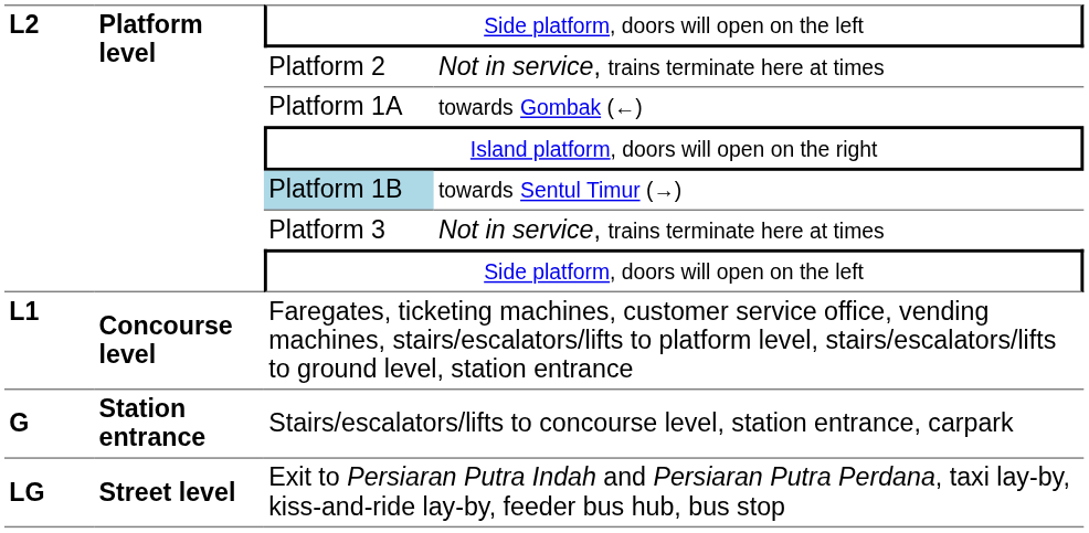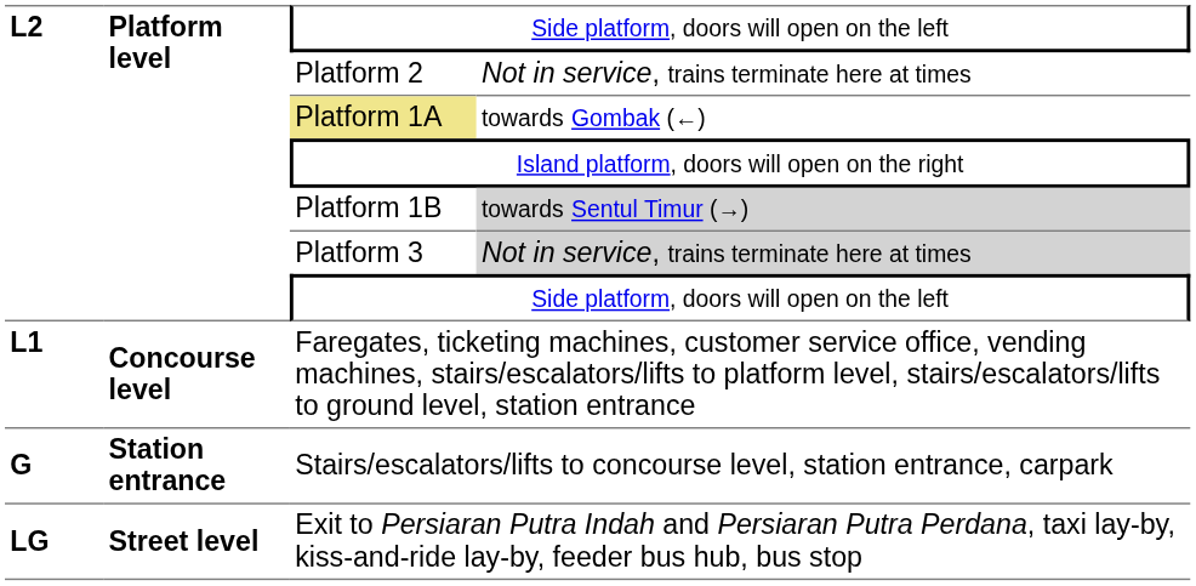 <table border=0 cellspacing=0 cellpadding=3>
 <tr>
 <td rowspan="7" style="border-top:solid 1px gray;border-bottom:solid 1px gray" valign="top"><strong>L2</strong></td>
 <td rowspan="7" style="border-bottom:solid 1px gray;border-top:solid 1px gray;vertical-align:top;width:100px;"><strong>Platform level</strong></td>
 <td colspan="2" style="border-right:solid 2px black;border-left:solid 2px black;border-bottom:solid 2px black;border-top:solid 1px gray;text-align:center"><small><a href='#'>Side platform</a>, doors will open on the left</small></td>
 </tr>
 <tr>
 <td style="border-bottom:solid 0.5px gray;width:100px;">Platform 2</td>
 <td style="border-bottom:solid 0.5px gray;width:400px;"><em>Not in service</em>, <small>trains terminate here at times</small></td>
 </tr>
 <tr>
-<td>Platform 1A</td>
+<td style="background: khaki;">Platform 1A</td>
 <td> <small>towards</small>  <small><a href='#'>Gombak</a> (←)</small></td>
 </tr>
 <tr>
 <td colspan="2" style="border-top:solid 2px black;border-right:solid 2px black;border-left:solid 2px black;border-bottom:solid 2px black;text-align:center;"><small><a href='#'>Island platform</a>, doors will open on the right</small></td>
 </tr>
 <tr>
-<td style="background: lightblue; border-bottom:solid 0.5px gray;">Platform 1B</td>
-<td style="border-bottom:solid 0.5px gray;"> <small>towards</small>  <small><a href='#'>Sentul Timur</a> (→)</small></td>
+<td style="border-bottom:solid 0.5px gray;">Platform 1B</td>
+<td style="background: lightgrey; border-bottom:solid 0.5px gray;"> <small>towards</small>  <small><a href='#'>Sentul Timur</a> (→)</small></td>
 </tr>
 <tr>
 <td>Platform 3</td>
-<td><em>Not in service</em>, <small>trains terminate here at times</small></td>
+<td style="background: lightgrey;"><em>Not in service</em>, <small>trains terminate here at times</small></td>
 </tr>
 <tr>
 <td colspan="2" style="border-right:solid 2px black;border-left:solid 2px black;border-top:solid 2px black;border-bottom:solid 1px gray;text-align:center;"><small><a href='#'>Side platform</a>, doors will open on the left</small></td>
 </tr>
 <tr>
 <td valign="top" style="border-bottom:solid 1px gray;width:50px;"><strong>L1</strong></td>
 <td style="border-bottom:solid 1px gray;width:100px;"><strong>Concourse level</strong></td>
 <td style="border-bottom:solid 1px gray;" colspan="2">Faregates, ticketing machines, customer service office, vending machines, stairs/escalators/lifts to platform level, stairs/escalators/lifts to ground level, station entrance</td>
 </tr>
 <tr>
 <td style="border-bottom:solid 1px gray"><strong>G</strong></td>
 <td style="border-bottom:solid 1px gray"><strong>Station entrance</strong></td>
 <td style="border-bottom:solid 1px gray" colspan="2">Stairs/escalators/lifts to concourse level, station entrance, carpark</td>
 </tr>
 <tr>
 <td style="border-bottom:solid 1px gray"><strong>LG</strong></td>
 <td style="border-bottom:solid 1px gray"><strong>Street level</strong></td>
 <td style="border-bottom:solid 1px gray" colspan="2">Exit to <em>Persiaran Putra Indah</em> and <em>Persiaran Putra Perdana</em>, taxi lay-by, kiss-and-ride lay-by, feeder bus hub, bus stop</td>
 </tr>
 </table>
